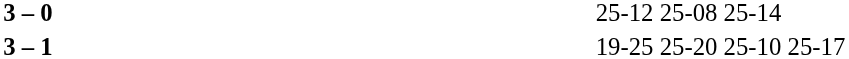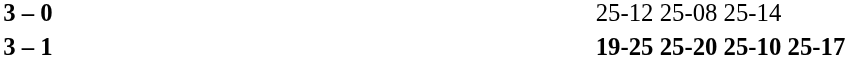 <table width=100% cellspacing=1>
 <tr>
 <th width=20%></th>
 <th width=12%></th>
 <th width=20%></th>
 <th width=33%></th>
 <td></td>
 </tr>
 <tr style=font-size:90%>
 <td align=right><strong></strong></td>
 <td align=center><strong>3 – 0</strong></td>
 <td></td>
 <td>25-12 25-08 25-14</td>
 <td></td>
 </tr>
 <tr style=font-size:90%>
 <td align=right><strong></strong></td>
 <td align=center><strong>3 – 1</strong></td>
 <td></td>
-<td>19-25 25-20 25-10 25-17</td>
+<td><strong>19-25 25-20 25-10 25-17</strong></td>
 </tr>
 </table>
